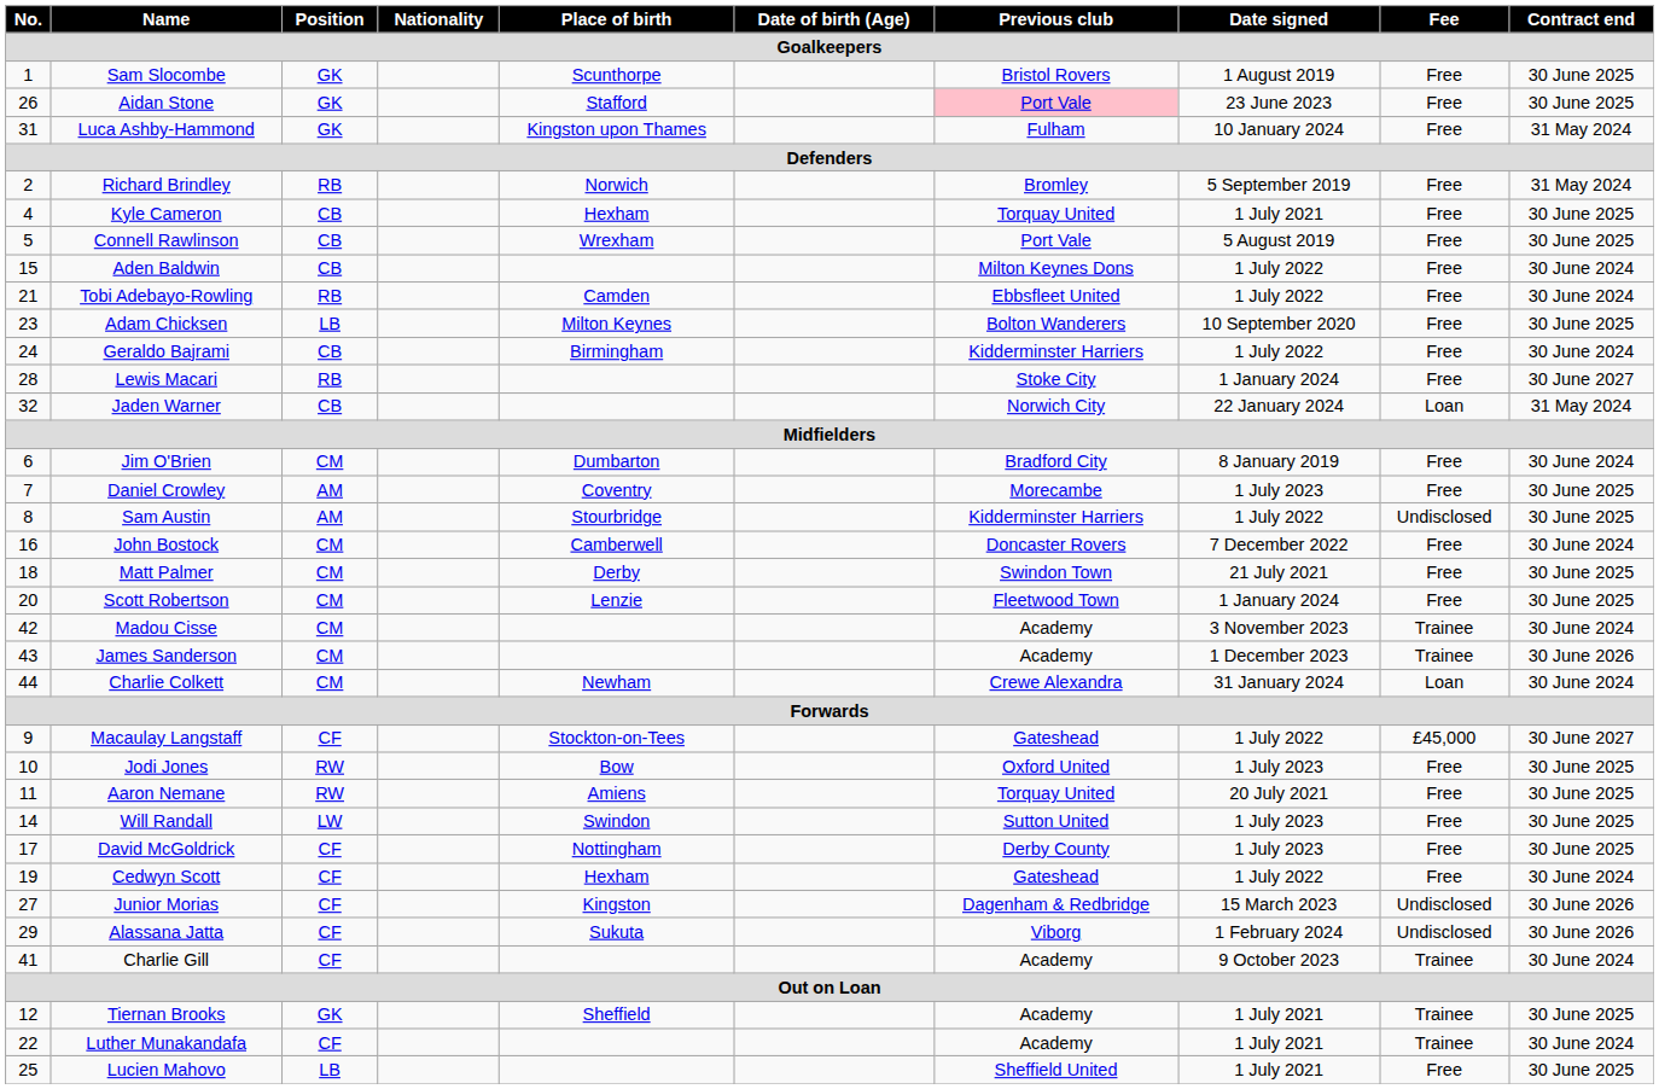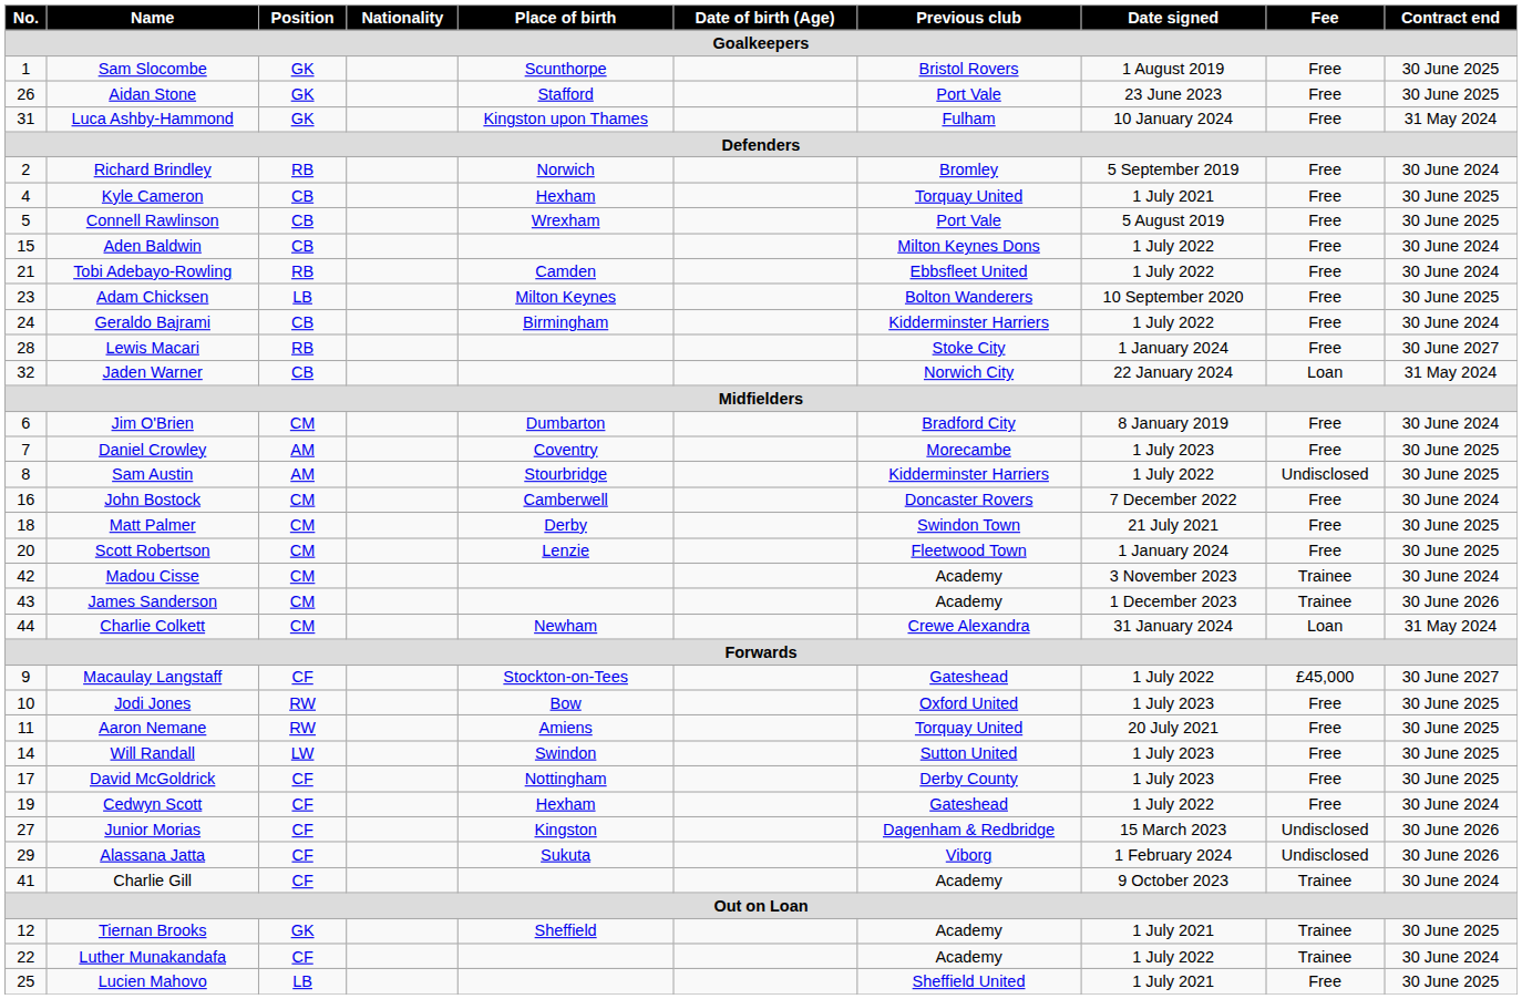 <table class="wikitable" style="text-align:center; font-size:84.5%; width:101%;">
 <tr>
 <th style="background:black; color:white; ">No.</th>
 <th style="background:black; color:white; ">Name</th>
 <th style="background:black; color:white; ">Position</th>
 <th style="background:black; color:white; ">Nationality</th>
 <th style="background:black; color:white; ">Place of birth</th>
 <th style="background:black; color:white; ">Date of birth (Age)</th>
 <th style="background:black; color:white; ">Previous club</th>
 <th style="background:black; color:white; ">Date signed</th>
 <th style="background:black; color:white; ">Fee</th>
 <th style="background:black; color:white; ">Contract end</th>
 </tr>
 <tr>
 <th colspan="14" style="background:#dcdcdc; tepxt-align:center;">Goalkeepers</th>
 </tr>
 <tr>
 <td>1</td>
 <td><a href='#'>Sam Slocombe</a></td>
 <td><a href='#'>GK</a></td>
 <td></td>
 <td><a href='#'>Scunthorpe</a></td>
 <td></td>
 <td><a href='#'>Bristol Rovers</a></td>
 <td>1 August 2019</td>
 <td>Free</td>
 <td>30 June 2025</td>
 </tr>
 <tr>
 <td>26</td>
 <td><a href='#'>Aidan Stone</a></td>
 <td><a href='#'>GK</a></td>
 <td></td>
 <td><a href='#'>Stafford</a></td>
 <td></td>
-<td style="background: pink;"><a href='#'>Port Vale</a></td>
+<td><a href='#'>Port Vale</a></td>
 <td>23 June 2023</td>
 <td>Free</td>
 <td>30 June 2025</td>
 </tr>
 <tr>
 <td>31</td>
 <td><a href='#'>Luca Ashby-Hammond</a></td>
 <td><a href='#'>GK</a></td>
 <td></td>
 <td><a href='#'>Kingston upon Thames</a></td>
 <td></td>
 <td><a href='#'>Fulham</a></td>
 <td>10 January 2024</td>
 <td>Free</td>
 <td>31 May 2024</td>
 </tr>
 <tr>
 <th colspan="14" style="background:#dcdcdc; tepxt-align:center;">Defenders</th>
 </tr>
 <tr>
 <td>2</td>
 <td><a href='#'>Richard Brindley</a></td>
 <td><a href='#'>RB</a></td>
 <td></td>
 <td><a href='#'>Norwich</a></td>
 <td></td>
 <td><a href='#'>Bromley</a></td>
 <td>5 September 2019</td>
 <td>Free</td>
-<td>31 May 2024</td>
+<td>30 June 2024</td>
 </tr>
 <tr>
 <td>4</td>
 <td><a href='#'>Kyle Cameron</a></td>
 <td><a href='#'>CB</a></td>
 <td></td>
 <td> <a href='#'>Hexham</a></td>
 <td></td>
 <td><a href='#'>Torquay United</a></td>
 <td>1 July 2021</td>
 <td>Free</td>
 <td>30 June 2025</td>
 </tr>
 <tr>
 <td>5</td>
 <td><a href='#'>Connell Rawlinson</a></td>
 <td><a href='#'>CB</a></td>
 <td></td>
 <td><a href='#'>Wrexham</a></td>
 <td></td>
 <td><a href='#'>Port Vale</a></td>
 <td>5 August 2019</td>
 <td>Free</td>
 <td>30 June 2025</td>
 </tr>
 <tr>
 <td>15</td>
 <td><a href='#'>Aden Baldwin</a></td>
 <td><a href='#'>CB</a></td>
 <td></td>
 <td></td>
 <td></td>
 <td><a href='#'>Milton Keynes Dons</a></td>
 <td>1 July 2022</td>
 <td>Free</td>
 <td>30 June 2024</td>
 </tr>
 <tr>
 <td>21</td>
 <td><a href='#'>Tobi Adebayo-Rowling</a></td>
 <td><a href='#'>RB</a></td>
 <td></td>
 <td><a href='#'>Camden</a></td>
 <td></td>
 <td><a href='#'>Ebbsfleet United</a></td>
 <td>1 July 2022</td>
 <td>Free</td>
 <td>30 June 2024</td>
 </tr>
 <tr>
 <td>23</td>
 <td><a href='#'>Adam Chicksen</a></td>
 <td><a href='#'>LB</a></td>
 <td></td>
 <td> <a href='#'>Milton Keynes</a></td>
 <td></td>
 <td><a href='#'>Bolton Wanderers</a></td>
 <td>10 September 2020</td>
 <td>Free</td>
 <td>30 June 2025</td>
 </tr>
 <tr>
 <td>24</td>
 <td><a href='#'>Geraldo Bajrami</a></td>
 <td><a href='#'>CB</a></td>
 <td></td>
 <td> <a href='#'>Birmingham</a></td>
 <td></td>
 <td><a href='#'>Kidderminster Harriers</a></td>
 <td>1 July 2022</td>
 <td>Free</td>
 <td>30 June 2024</td>
 </tr>
 <tr>
 <td>28</td>
 <td><a href='#'>Lewis Macari</a></td>
 <td><a href='#'>RB</a></td>
 <td></td>
 <td></td>
 <td></td>
 <td><a href='#'>Stoke City</a></td>
 <td>1 January 2024</td>
 <td>Free</td>
 <td>30 June 2027</td>
 </tr>
 <tr>
 <td>32</td>
 <td><a href='#'>Jaden Warner</a></td>
 <td><a href='#'>CB</a></td>
 <td></td>
 <td></td>
 <td></td>
 <td><a href='#'>Norwich City</a></td>
 <td>22 January 2024</td>
 <td>Loan</td>
 <td>31 May 2024</td>
 </tr>
 <tr>
 <th colspan="14" style="background:#dcdcdc; tepxt-align:center;">Midfielders</th>
 </tr>
 <tr>
 <td>6</td>
 <td><a href='#'>Jim O'Brien</a></td>
 <td><a href='#'>CM</a></td>
 <td></td>
 <td><a href='#'>Dumbarton</a></td>
 <td></td>
 <td><a href='#'>Bradford City</a></td>
 <td>8 January 2019</td>
 <td>Free</td>
 <td>30 June 2024</td>
 </tr>
 <tr>
 <td>7</td>
 <td><a href='#'>Daniel Crowley</a></td>
 <td><a href='#'>AM</a></td>
 <td></td>
 <td><a href='#'>Coventry</a></td>
 <td></td>
 <td><a href='#'>Morecambe</a></td>
 <td>1 July 2023</td>
 <td>Free</td>
 <td>30 June 2025</td>
 </tr>
 <tr>
 <td>8</td>
 <td><a href='#'>Sam Austin</a></td>
 <td><a href='#'>AM</a></td>
 <td></td>
 <td><a href='#'>Stourbridge</a></td>
 <td></td>
 <td><a href='#'>Kidderminster Harriers</a></td>
 <td>1 July 2022</td>
 <td>Undisclosed</td>
 <td>30 June 2025</td>
 </tr>
 <tr>
 <td>16</td>
 <td><a href='#'>John Bostock</a></td>
 <td><a href='#'>CM</a></td>
 <td></td>
 <td> <a href='#'>Camberwell</a></td>
 <td></td>
 <td><a href='#'>Doncaster Rovers</a></td>
 <td>7 December 2022</td>
 <td>Free</td>
 <td>30 June 2024</td>
 </tr>
 <tr>
 <td>18</td>
 <td><a href='#'>Matt Palmer</a></td>
 <td><a href='#'>CM</a></td>
 <td></td>
 <td><a href='#'>Derby</a></td>
 <td></td>
 <td><a href='#'>Swindon Town</a></td>
 <td>21 July 2021</td>
 <td>Free</td>
 <td>30 June 2025</td>
 </tr>
 <tr>
 <td>20</td>
 <td><a href='#'>Scott Robertson</a></td>
 <td><a href='#'>CM</a></td>
 <td></td>
 <td><a href='#'>Lenzie</a></td>
 <td></td>
 <td><a href='#'>Fleetwood Town</a></td>
 <td>1 January 2024</td>
 <td>Free</td>
 <td>30 June 2025</td>
 </tr>
 <tr>
 <td>42</td>
 <td><a href='#'>Madou Cisse</a></td>
 <td><a href='#'>CM</a></td>
 <td></td>
 <td></td>
 <td></td>
 <td>Academy</td>
 <td>3 November 2023</td>
 <td>Trainee</td>
 <td>30 June 2024</td>
 </tr>
 <tr>
 <td>43</td>
 <td><a href='#'>James Sanderson</a></td>
 <td><a href='#'>CM</a></td>
 <td></td>
 <td></td>
 <td></td>
 <td>Academy</td>
 <td>1 December 2023</td>
 <td>Trainee</td>
 <td>30 June 2026</td>
 </tr>
 <tr>
 <td>44</td>
 <td><a href='#'>Charlie Colkett</a></td>
 <td><a href='#'>CM</a></td>
 <td></td>
 <td><a href='#'>Newham</a></td>
 <td></td>
 <td><a href='#'>Crewe Alexandra</a></td>
 <td>31 January 2024</td>
 <td>Loan</td>
-<td>30 June 2024</td>
+<td>31 May 2024</td>
 </tr>
 <tr>
 <th colspan="14" style="background:#dcdcdc; tepxt-align:center;">Forwards</th>
 </tr>
 <tr>
 <td>9</td>
 <td><a href='#'>Macaulay Langstaff</a></td>
 <td><a href='#'>CF</a></td>
 <td></td>
 <td><a href='#'>Stockton-on-Tees</a></td>
 <td></td>
 <td><a href='#'>Gateshead</a></td>
 <td>1 July 2022</td>
 <td>£45,000</td>
 <td>30 June 2027</td>
 </tr>
 <tr>
 <td>10</td>
 <td><a href='#'>Jodi Jones</a></td>
 <td><a href='#'>RW</a></td>
 <td></td>
 <td> <a href='#'>Bow</a></td>
 <td></td>
 <td><a href='#'>Oxford United</a></td>
 <td>1 July 2023</td>
 <td>Free</td>
 <td>30 June 2025</td>
 </tr>
 <tr>
 <td>11</td>
 <td><a href='#'>Aaron Nemane</a></td>
 <td><a href='#'>RW</a></td>
 <td></td>
 <td><a href='#'>Amiens</a></td>
 <td></td>
 <td><a href='#'>Torquay United</a></td>
 <td>20 July 2021</td>
 <td>Free</td>
 <td>30 June 2025</td>
 </tr>
 <tr>
 <td>14</td>
 <td><a href='#'>Will Randall</a></td>
 <td><a href='#'>LW</a></td>
 <td></td>
 <td><a href='#'>Swindon</a></td>
 <td></td>
 <td><a href='#'>Sutton United</a></td>
 <td>1 July 2023</td>
 <td>Free</td>
 <td>30 June 2025</td>
 </tr>
 <tr>
 <td>17</td>
 <td><a href='#'>David McGoldrick</a></td>
 <td><a href='#'>CF</a></td>
 <td></td>
 <td> <a href='#'>Nottingham</a></td>
 <td></td>
 <td><a href='#'>Derby County</a></td>
 <td>1 July 2023</td>
 <td>Free</td>
 <td>30 June 2025</td>
 </tr>
 <tr>
 <td>19</td>
 <td><a href='#'>Cedwyn Scott</a></td>
 <td><a href='#'>CF</a></td>
 <td></td>
 <td><a href='#'>Hexham</a></td>
 <td></td>
 <td><a href='#'>Gateshead</a></td>
 <td>1 July 2022</td>
 <td>Free</td>
 <td>30 June 2024</td>
 </tr>
 <tr>
 <td>27</td>
 <td><a href='#'>Junior Morias</a></td>
 <td><a href='#'>CF</a></td>
 <td></td>
 <td> <a href='#'>Kingston</a></td>
 <td></td>
 <td><a href='#'>Dagenham & Redbridge</a></td>
 <td>15 March 2023</td>
 <td>Undisclosed</td>
 <td>30 June 2026</td>
 </tr>
 <tr>
 <td>29</td>
 <td><a href='#'>Alassana Jatta</a></td>
 <td><a href='#'>CF</a></td>
 <td></td>
 <td><a href='#'>Sukuta</a></td>
 <td></td>
 <td> <a href='#'>Viborg</a></td>
 <td>1 February 2024</td>
 <td>Undisclosed</td>
 <td>30 June 2026</td>
 </tr>
 <tr>
 <td>41</td>
 <td>Charlie Gill</td>
 <td><a href='#'>CF</a></td>
 <td></td>
 <td></td>
 <td></td>
 <td>Academy</td>
 <td>9 October 2023</td>
 <td>Trainee</td>
 <td>30 June 2024</td>
 </tr>
 <tr>
 <th colspan="14" style="background:#dcdcdc; tepxt-align:center;">Out on Loan</th>
 </tr>
 <tr>
 <td>12</td>
 <td><a href='#'>Tiernan Brooks</a></td>
 <td><a href='#'>GK</a></td>
 <td></td>
 <td> <a href='#'>Sheffield</a></td>
 <td></td>
 <td>Academy</td>
 <td>1 July 2021</td>
 <td>Trainee</td>
 <td>30 June 2025</td>
 </tr>
 <tr>
 <td>22</td>
 <td><a href='#'>Luther Munakandafa</a></td>
 <td><a href='#'>CF</a></td>
 <td></td>
 <td></td>
 <td></td>
 <td>Academy</td>
-<td>1 July 2021</td>
+<td>1 July 2022</td>
 <td>Trainee</td>
 <td>30 June 2024</td>
 </tr>
 <tr>
 <td>25</td>
 <td><a href='#'>Lucien Mahovo</a></td>
 <td><a href='#'>LB</a></td>
 <td></td>
 <td></td>
 <td></td>
 <td><a href='#'>Sheffield United</a></td>
 <td>1 July 2021</td>
 <td>Free</td>
 <td>30 June 2025</td>
 </tr>
 </table>
